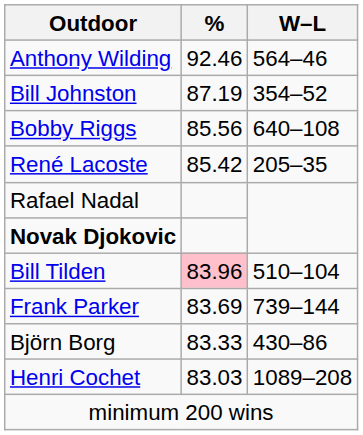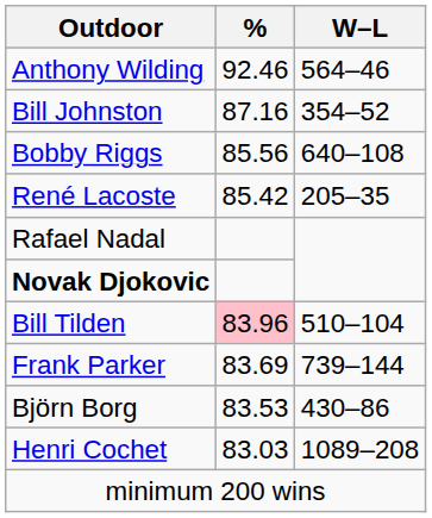 <table class=wikitable style="display:inline-table; font-size: 95%;">
 <tr>
 <th>Outdoor</th>
 <th>%</th>
 <th>W–L</th>
 </tr>
 <tr>
 <td> <a href='#'>Anthony Wilding</a></td>
 <td>92.46</td>
 <td>564–46</td>
 </tr>
 <tr>
 <td> <a href='#'>Bill Johnston</a></td>
-<td>87.19</td>
+<td>87.16</td>
 <td>354–52</td>
 </tr>
 <tr>
 <td> <a href='#'>Bobby Riggs</a></td>
 <td>85.56</td>
 <td>640–108</td>
 </tr>
 <tr>
 <td> <a href='#'>René Lacoste</a></td>
 <td>85.42</td>
 <td>205–35</td>
 </tr>
 <tr>
 <td> Rafael Nadal</td>
 <td></td>
 </tr>
 <tr>
 <td> <strong>Novak Djokovic</strong></td>
 <td></td>
 </tr>
 <tr>
 <td> <a href='#'>Bill Tilden</a></td>
 <td style="background: pink;">83.96</td>
 <td>510–104</td>
 </tr>
 <tr>
 <td> <a href='#'>Frank Parker</a></td>
 <td>83.69</td>
 <td>739–144</td>
 </tr>
 <tr>
 <td> Björn Borg</td>
-<td>83.33</td>
+<td>83.53</td>
 <td>430–86</td>
 </tr>
 <tr>
 <td> <a href='#'>Henri Cochet</a></td>
 <td>83.03</td>
 <td>1089–208</td>
 </tr>
 <tr>
 <td colspan="3" style="text-align:center;">minimum 200 wins</td>
 </tr>
 </table>
